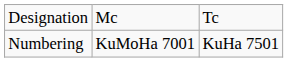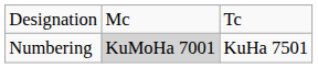 <table class="wikitable">
 <tr>
 <td>Designation</td>
 <td>Mc</td>
 <td>Tc</td>
 </tr>
 <tr>
 <td>Numbering</td>
-<td>KuMoHa 7001</td>
+<td style="background: lightgrey;">KuMoHa 7001</td>
 <td>KuHa 7501</td>
 </tr>
 </table>
